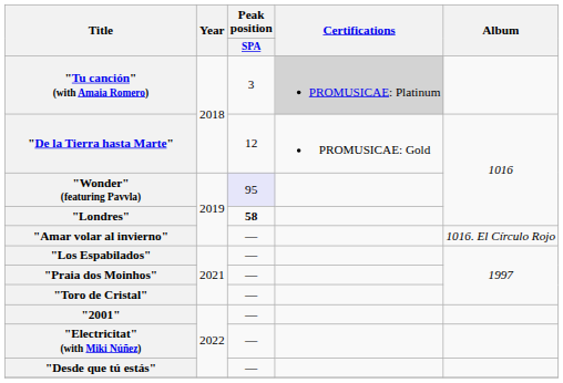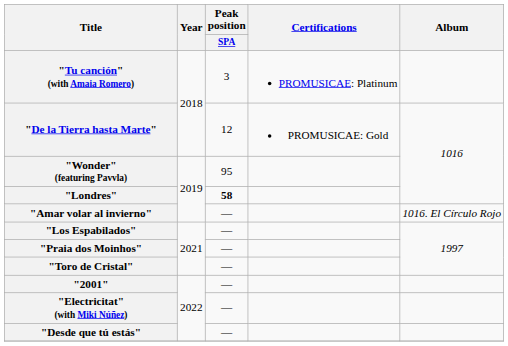 <table class="wikitable plainrowheaders" style="text-align:center;">
 <tr>
 <th scope="col" rowspan="2" style="width:15em;">Title</th>
 <th scope="col" rowspan="2" style="width:1em;">Year</th>
 <th scope="col" colspan="1">Peak position</th>
 <th scope="col" rowspan="2"><a href='#'>Certifications</a></th>
 <th scope="col" rowspan="2">Album</th>
 </tr>
 <tr>
 <th scope="col" style="width:3em;font-size:85%;"><a href='#'>SPA</a><br></th>
 </tr>
 <tr>
 <th scope="row">"<a href='#'>Tu canción</a>"<br><small>(with <a href='#'>Amaia Romero</a>)</small></th>
 <td rowspan="2">2018</td>
 <td>3</td>
-<td style="background: lightgrey;"><br><ul><li><a href='#'>PROMUSICAE</a>: Platinum</li></ul></td>
+<td><br><ul><li><a href='#'>PROMUSICAE</a>: Platinum</li></ul></td>
 <td></td>
 </tr>
 <tr>
 <th scope="row">"<a href='#'>De la Tierra hasta Marte</a>"</th>
 <td>12</td>
 <td><br><ul><li>PROMUSICAE: Gold</li></ul></td>
 <td rowspan="3"><em>1016</em></td>
 </tr>
 <tr>
 <th scope="row">"Wonder"<br><small>(featuring Pavvla)</small></th>
 <td rowspan="3">2019</td>
-<td style="background: lavender;">95</td>
+<td>95</td>
 </tr>
 <tr>
 <th scope="row">"Londres"</th>
 <td><strong>58</strong></td>
 <td></td>
 </tr>
 <tr>
 <th scope="row">"Amar volar al invierno"</th>
 <td>—</td>
 <td></td>
 <td><em>1016. El Círculo Rojo</em></td>
 </tr>
 <tr>
 <th scope="row">"Los Espabilados"</th>
 <td rowspan="3">2021</td>
 <td>—</td>
 <td></td>
 <td rowspan="3"><em>1997</em></td>
 </tr>
 <tr>
 <th scope="row">"Praia dos Moinhos"</th>
 <td>—</td>
 <td></td>
 </tr>
 <tr>
 <th scope="row">"Toro de Cristal"</th>
 <td>—</td>
 <td></td>
 </tr>
 <tr>
 <th scope="row">"2001"</th>
 <td rowspan="3">2022</td>
 <td>—</td>
 <td></td>
 <td></td>
 </tr>
 <tr>
 <th scope="row">"Electricitat"<br><small>(with <a href='#'>Miki Núñez</a>)</small></th>
 <td>—</td>
 <td></td>
 <td></td>
 </tr>
 <tr>
 <th scope="row">"Desde que tú estás"</th>
 <td>—</td>
 <td></td>
 <td></td>
 </tr>
 <tr>
 </tr>
 </table>
